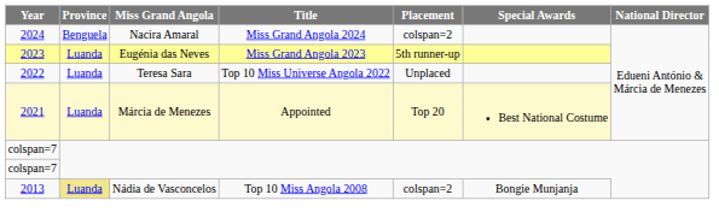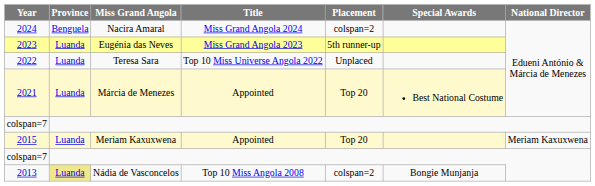 <table class="wikitable" style="font-size: 90%; text-align:center">
 <tr>
 <th style="background-color:#787878;color:#FFFFFF;">Year</th>
 <th style="background-color:#787878;color:#FFFFFF;">Province</th>
 <th style="background-color:#787878;color:#FFFFFF;">Miss Grand Angola</th>
 <th style="background-color:#787878;color:#FFFFFF;">Title</th>
 <th style="background-color:#787878;color:#FFFFFF;">Placement</th>
 <th style="background-color:#787878;color:#FFFFFF;">Special Awards</th>
 <th style="background-color:#787878;color:#FFFFFF;">National Director</th>
 </tr>
 <tr>
 <td><a href='#'>2024</a></td>
 <td><a href='#'>Benguela</a></td>
 <td>Nacira Amaral</td>
 <td><a href='#'>Miss Grand Angola 2024</a></td>
 <td>colspan=2 </td>
 <td></td>
 <td rowspan="4">Edueni António &<br>Márcia de Menezes</td>
 </tr>
 <tr bgcolor=#FFFF99>
 <td><a href='#'>2023</a></td>
 <td><a href='#'>Luanda</a></td>
 <td>Eugénia das Neves</td>
 <td><a href='#'>Miss Grand Angola 2023</a></td>
 <td>5th runner-up</td>
 <td></td>
 </tr>
 <tr>
 <td><a href='#'>2022</a></td>
 <td><a href='#'>Luanda</a></td>
 <td>Teresa Sara</td>
 <td>Top 10 <a href='#'>Miss Universe Angola 2022</a></td>
 <td>Unplaced</td>
 <td></td>
 </tr>
 <tr bgcolor=#FFFACD>
 <td><a href='#'>2021</a></td>
 <td><a href='#'>Luanda</a></td>
 <td>Márcia de Menezes</td>
 <td>Appointed</td>
 <td>Top 20</td>
 <td align="left"><br><ul><li>Best National Costume</li></ul></td>
 </tr>
 <tr>
 <td>colspan=7</td>
 </tr>
 <tr>
+<td bgcolor=#FFFACD><a href='#'>2015</a></td>
+<td bgcolor=#FFFACD><a href='#'>Luanda</a></td>
+<td bgcolor=#FFFACD>Meriam Kaxuxwena</td>
+<td bgcolor=#FFFACD>Appointed</td>
+<td bgcolor=#FFFACD>Top 20</td>
+<td bgcolor=#FFFACD></td>
+<td>Meriam Kaxuxwena</td>
+</tr>
+<tr>
 <td>colspan=7 </td>
 </tr>
 <tr>
 <td><a href='#'>2013</a></td>
 <td style="background: khaki;"><a href='#'>Luanda</a></td>
 <td>Nádia de Vasconcelos</td>
 <td>Top 10 <a href='#'>Miss Angola 2008</a></td>
 <td>colspan=2 </td>
 <td>Bongie Munjanja</td>
 </tr>
 </table>
